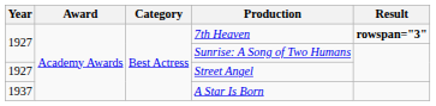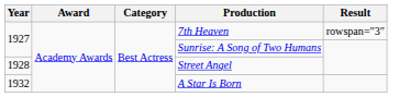 <table class="wikitable sortable">
 <tr>
 <th>Year</th>
 <th>Award</th>
 <th>Category</th>
 <th>Production</th>
 <th>Result</th>
 </tr>
 <tr>
 <td rowspan=2>1927</td>
 <td rowspan=4><a href='#'>Academy Awards</a></td>
 <td rowspan="4"><a href='#'>Best Actress</a></td>
 <td><em><a href='#'>7th Heaven</a></em></td>
-<td><strong>rowspan="3" </strong></td>
+<td>rowspan="3" </td>
 </tr>
 <tr>
 <td><em><a href='#'>Sunrise: A Song of Two Humans</a></em></td>
 </tr>
 <tr>
-<td>1927</td>
+<td>1928</td>
 <td><em><a href='#'>Street Angel</a></em></td>
 </tr>
 <tr>
-<td>1937</td>
+<td>1932</td>
 <td><em><a href='#'>A Star Is Born</a></em></td>
 <td></td>
 </tr>
 </table>
